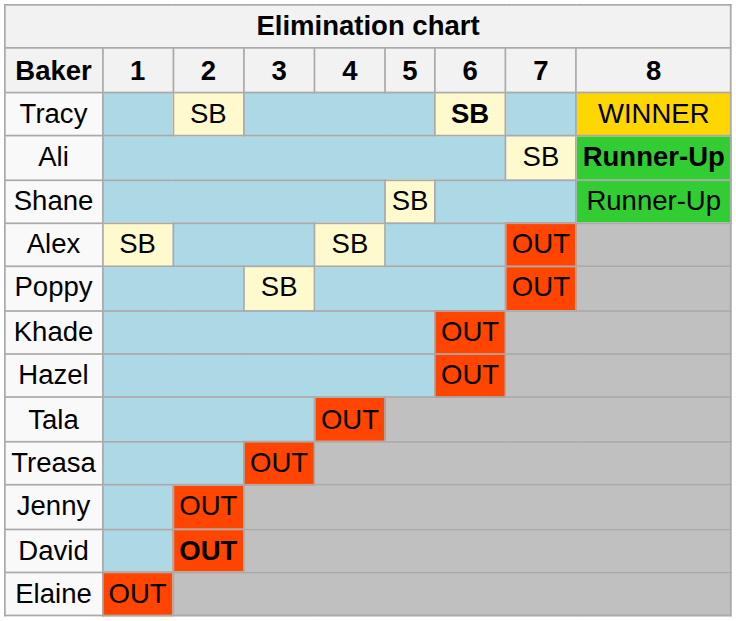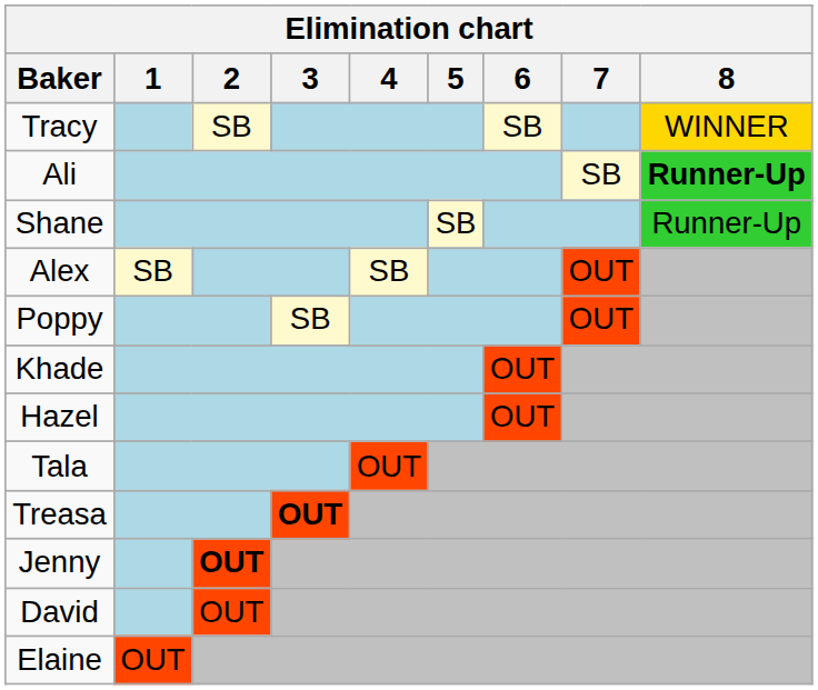 <table class="wikitable" style="text-align:center">
 <tr>
 <th colspan="16">Elimination chart</th>
 </tr>
 <tr>
 <th>Baker</th>
 <th>1</th>
 <th>2</th>
 <th>3</th>
 <th>4</th>
 <th>5</th>
 <th>6</th>
 <th>7</th>
 <th>8</th>
 </tr>
 <tr>
 <td>Tracy</td>
 <td style="background:Lightblue;"></td>
 <td style="background:LemonChiffon;">SB</td>
 <td colspan="3" style="background:Lightblue;"></td>
-<td style="background:LemonChiffon;"><strong>SB</strong></td>
+<td style="background:LemonChiffon;">SB</td>
 <td style="background:Lightblue;"></td>
 <td style="background:gold;">WINNER</td>
 </tr>
 <tr>
 <td>Ali</td>
 <td colspan="6" style="background:Lightblue;"></td>
 <td style="background:LemonChiffon;">SB</td>
 <td style="background:limegreen;"><strong>Runner-Up</strong></td>
 </tr>
 <tr>
 <td>Shane</td>
 <td colspan="4" style="background:Lightblue;"></td>
 <td style="background:LemonChiffon;">SB</td>
 <td colspan="2" style="background:Lightblue;"></td>
 <td style="background:limegreen;">Runner-Up</td>
 </tr>
 <tr>
 <td>Alex</td>
 <td style="background:LemonChiffon;">SB</td>
 <td colspan="2" style="background:Lightblue;"></td>
 <td style="background:LemonChiffon;">SB</td>
 <td colspan="2" style="background:Lightblue;"></td>
 <td style="background:OrangeRed;">OUT</td>
 <td style="background:Silver;"></td>
 </tr>
 <tr>
 <td>Poppy</td>
 <td colspan="2" style="background:Lightblue;"></td>
 <td style="background:LemonChiffon;">SB</td>
 <td colspan="3" style="background:Lightblue;"></td>
 <td style="background:OrangeRed;">OUT</td>
 <td style="background:Silver;"></td>
 </tr>
 <tr>
 <td>Khade</td>
 <td colspan="5" style="background:Lightblue;"></td>
 <td style="background:OrangeRed;">OUT</td>
 <td colspan="2" style="background:Silver;"></td>
 </tr>
 <tr>
 <td>Hazel</td>
 <td colspan="5" style="background:Lightblue;"></td>
 <td style="background:OrangeRed;">OUT</td>
 <td colspan="3" style="background:Silver;"></td>
 </tr>
 <tr>
 <td>Tala</td>
 <td colspan="3" style="background:Lightblue;"></td>
 <td style="background:OrangeRed;">OUT</td>
 <td colspan="4" style="background:Silver;"></td>
 </tr>
 <tr>
 <td>Treasa</td>
 <td colspan="2" style="background:Lightblue;"></td>
-<td style="background:OrangeRed;">OUT</td>
+<td style="background:OrangeRed;"><strong>OUT</strong></td>
 <td colspan="5" style="background:Silver;"></td>
 </tr>
 <tr>
 <td>Jenny</td>
 <td style="background:Lightblue;"></td>
-<td style="background:OrangeRed;">OUT</td>
+<td style="background:OrangeRed;"><strong>OUT</strong></td>
 <td colspan="6" style="background:Silver;"></td>
 </tr>
 <tr>
 <td>David</td>
 <td style="background:Lightblue;"></td>
-<td style="background:OrangeRed;"><strong>OUT</strong></td>
+<td style="background:OrangeRed;">OUT</td>
 <td colspan="6" style="background:Silver;"></td>
 </tr>
 <tr>
 <td>Elaine</td>
 <td style="background:OrangeRed;">OUT</td>
 <td colspan="7" style="background:Silver;"></td>
 </tr>
 </table>
